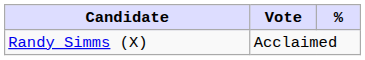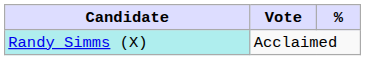 <table class="wikitable">
 <tr>
 <th style="background:#ddf; width:200px;">Candidate</th>
 <th style="background:#ddf; width:50px;">Vote</th>
 <th style="background:#ddf; width:30px;">%</th>
 </tr>
 <tr>
-<td><a href='#'>Randy Simms</a> (X)</td>
+<td style="background: paleturquoise;"><a href='#'>Randy Simms</a> (X)</td>
 <td colspan="2">Acclaimed</td>
 </tr>
 </table>
